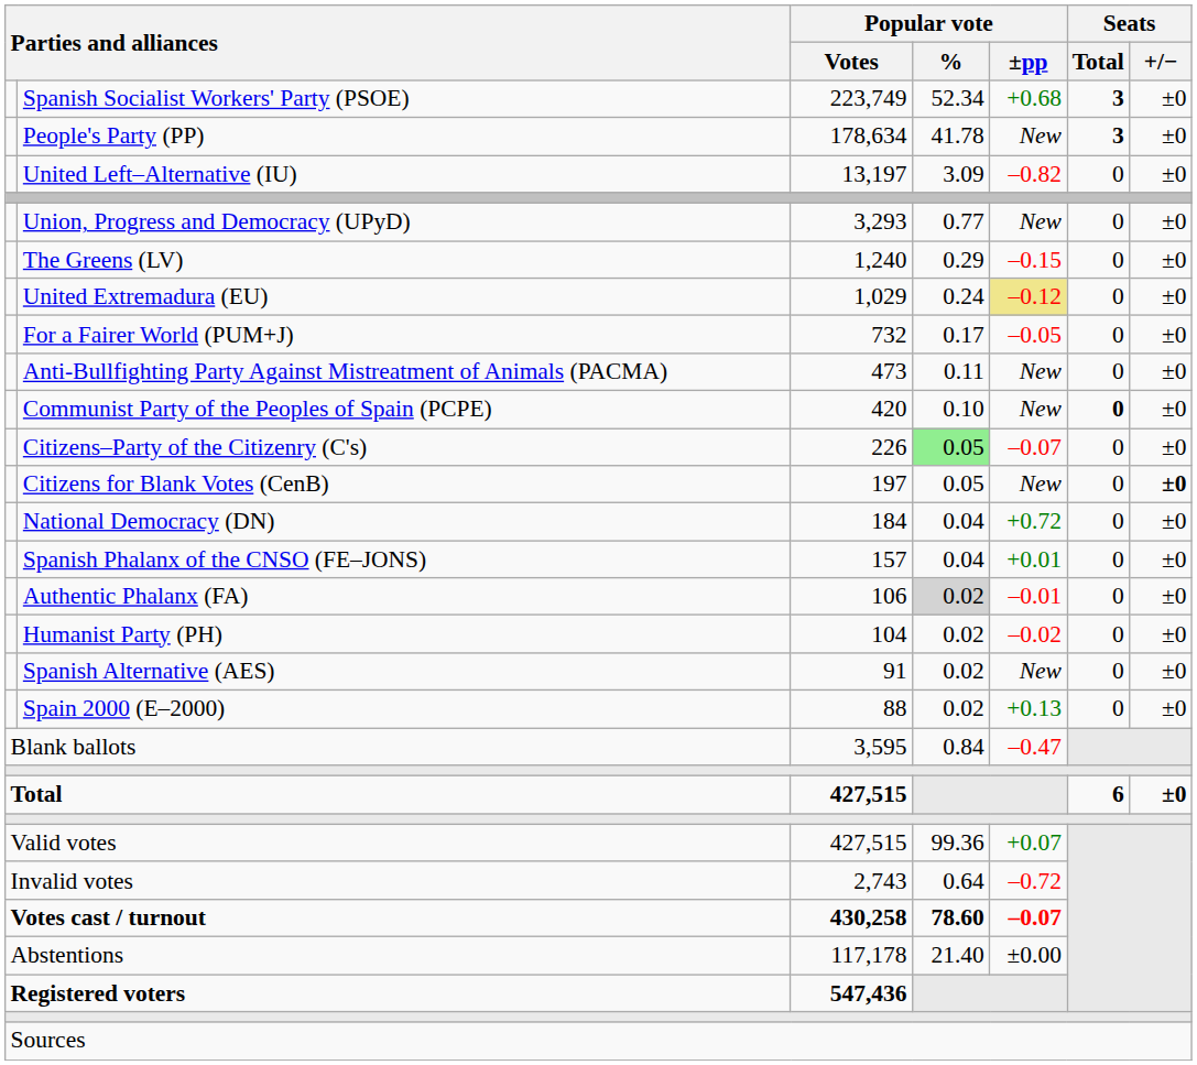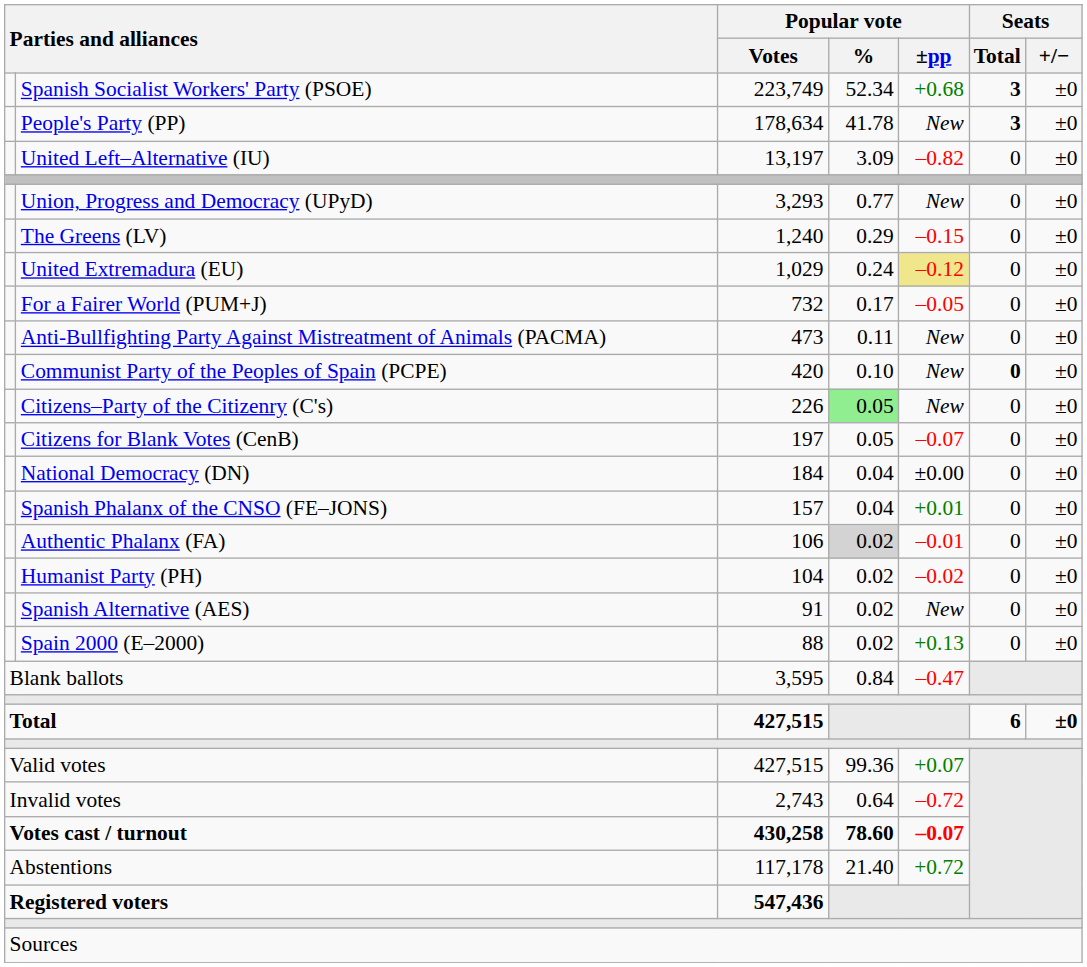 <table class="wikitable" style="text-align:right;">
 <tr>
 <th style="text-align:left;" rowspan="2" colspan="2" width="525">Parties and alliances</th>
 <th colspan="3">Popular vote</th>
 <th colspan="2">Seats</th>
 </tr>
 <tr>
 <th width="75">Votes</th>
 <th width="45">%</th>
 <th width="45">±<a href='#'>pp</a></th>
 <th width="35">Total</th>
 <th width="35">+/−</th>
 </tr>
 <tr>
 <td width="1" style="color:inherit;background:"></td>
 <td align="left"><a href='#'>Spanish Socialist Workers' Party</a> (PSOE)</td>
 <td>223,749</td>
 <td>52.34</td>
 <td style="color:green;">+0.68</td>
 <td><strong>3</strong></td>
 <td>±0</td>
 </tr>
 <tr>
 <td style="color:inherit;background:"></td>
 <td align="left"><a href='#'>People's Party</a> (PP)</td>
 <td>178,634</td>
 <td>41.78</td>
 <td><em>New</em></td>
 <td><strong>3</strong></td>
 <td>±0</td>
 </tr>
 <tr>
 <td style="color:inherit;background:"></td>
 <td align="left"><a href='#'>United Left–Alternative</a> (IU)</td>
 <td>13,197</td>
 <td>3.09</td>
 <td style="color:red;">–0.82</td>
 <td>0</td>
 <td>±0</td>
 </tr>
 <tr>
 <td colspan="7" bgcolor="#C0C0C0"></td>
 </tr>
 <tr>
 <td style="color:inherit;background:"></td>
 <td align="left"><a href='#'>Union, Progress and Democracy</a> (UPyD)</td>
 <td>3,293</td>
 <td>0.77</td>
 <td><em>New</em></td>
 <td>0</td>
 <td>±0</td>
 </tr>
 <tr>
 <td style="color:inherit;background:"></td>
 <td align="left"><a href='#'>The Greens</a> (LV)</td>
 <td>1,240</td>
 <td>0.29</td>
 <td style="color:red;">–0.15</td>
 <td>0</td>
 <td>±0</td>
 </tr>
 <tr>
 <td style="color:inherit;background:"></td>
 <td align="left"><a href='#'>United Extremadura</a> (EU)</td>
 <td>1,029</td>
 <td>0.24</td>
 <td style="background: khaki; color:red;">–0.12</td>
 <td>0</td>
 <td>±0</td>
 </tr>
 <tr>
 <td style="color:inherit;background:"></td>
 <td align="left"><a href='#'>For a Fairer World</a> (PUM+J)</td>
 <td>732</td>
 <td>0.17</td>
 <td style="color:red;">–0.05</td>
 <td>0</td>
 <td>±0</td>
 </tr>
 <tr>
 <td style="color:inherit;background:"></td>
 <td align="left"><a href='#'>Anti-Bullfighting Party Against Mistreatment of Animals</a> (PACMA)</td>
 <td>473</td>
 <td>0.11</td>
 <td><em>New</em></td>
 <td>0</td>
 <td>±0</td>
 </tr>
 <tr>
 <td style="color:inherit;background:"></td>
 <td align="left"><a href='#'>Communist Party of the Peoples of Spain</a> (PCPE)</td>
 <td>420</td>
 <td>0.10</td>
 <td><em>New</em></td>
 <td><strong>0</strong></td>
 <td>±0</td>
 </tr>
 <tr>
 <td style="color:inherit;background:"></td>
 <td align="left"><a href='#'>Citizens–Party of the Citizenry</a> (C's)</td>
 <td>226</td>
 <td style="background: lightgreen;">0.05</td>
-<td style="color:red;">–0.07</td>
+<td><em>New</em></td>
 <td>0</td>
 <td>±0</td>
 </tr>
 <tr>
 <td style="color:inherit;background:"></td>
 <td align="left"><a href='#'>Citizens for Blank Votes</a> (CenB)</td>
 <td>197</td>
 <td>0.05</td>
-<td><em>New</em></td>
+<td style="color:red;">–0.07</td>
 <td>0</td>
-<td><strong>±0</strong></td>
+<td>±0</td>
 </tr>
 <tr>
 <td style="color:inherit;background:"></td>
 <td align="left"><a href='#'>National Democracy</a> (DN)</td>
 <td>184</td>
 <td>0.04</td>
-<td style="color:green;">+0.72</td>
+<td>±0.00</td>
 <td>0</td>
 <td>±0</td>
 </tr>
 <tr>
 <td style="color:inherit;background:"></td>
 <td align="left"><a href='#'>Spanish Phalanx of the CNSO</a> (FE–JONS)</td>
 <td>157</td>
 <td>0.04</td>
 <td style="color:green;">+0.01</td>
 <td>0</td>
 <td>±0</td>
 </tr>
 <tr>
 <td style="color:inherit;background:"></td>
 <td align="left"><a href='#'>Authentic Phalanx</a> (FA)</td>
 <td>106</td>
 <td style="background: lightgrey;">0.02</td>
 <td style="color:red;">–0.01</td>
 <td>0</td>
 <td>±0</td>
 </tr>
 <tr>
 <td style="color:inherit;background:"></td>
 <td align="left"><a href='#'>Humanist Party</a> (PH)</td>
 <td>104</td>
 <td>0.02</td>
 <td style="color:red;">–0.02</td>
 <td>0</td>
 <td>±0</td>
 </tr>
 <tr>
 <td style="color:inherit;background:"></td>
 <td align="left"><a href='#'>Spanish Alternative</a> (AES)</td>
 <td>91</td>
 <td>0.02</td>
 <td><em>New</em></td>
 <td>0</td>
 <td>±0</td>
 </tr>
 <tr>
 <td style="color:inherit;background:"></td>
 <td align="left"><a href='#'>Spain 2000</a> (E–2000)</td>
 <td>88</td>
 <td>0.02</td>
 <td style="color:green;">+0.13</td>
 <td>0</td>
 <td>±0</td>
 </tr>
 <tr>
 <td align="left" colspan="2">Blank ballots</td>
 <td>3,595</td>
 <td>0.84</td>
 <td style="color:red;">–0.47</td>
 <td bgcolor="#E9E9E9" colspan="2"></td>
 </tr>
 <tr>
 <td colspan="7" bgcolor="#E9E9E9"></td>
 </tr>
 <tr style="font-weight:bold;">
 <td align="left" colspan="2">Total</td>
 <td>427,515</td>
 <td bgcolor="#E9E9E9" colspan="2"></td>
 <td>6</td>
 <td>±0</td>
 </tr>
 <tr>
 <td colspan="7" bgcolor="#E9E9E9"></td>
 </tr>
 <tr>
 <td align="left" colspan="2">Valid votes</td>
 <td>427,515</td>
 <td>99.36</td>
 <td style="color:green;">+0.07</td>
 <td bgcolor="#E9E9E9" colspan="2" rowspan="5"></td>
 </tr>
 <tr>
 <td align="left" colspan="2">Invalid votes</td>
 <td>2,743</td>
 <td>0.64</td>
 <td style="color:red;">–0.72</td>
 </tr>
 <tr style="font-weight:bold;">
 <td align="left" colspan="2">Votes cast / turnout</td>
 <td>430,258</td>
 <td>78.60</td>
 <td style="color:red;">–0.07</td>
 </tr>
 <tr>
 <td align="left" colspan="2">Abstentions</td>
 <td>117,178</td>
 <td>21.40</td>
-<td>±0.00</td>
+<td style="color:green;">+0.72</td>
 </tr>
 <tr style="font-weight:bold;">
 <td align="left" colspan="2">Registered voters</td>
 <td>547,436</td>
 <td bgcolor="#E9E9E9" colspan="2"></td>
 </tr>
 <tr>
 <td colspan="7" bgcolor="#E9E9E9"></td>
 </tr>
 <tr>
 <td align="left" colspan="7">Sources</td>
 </tr>
 </table>
